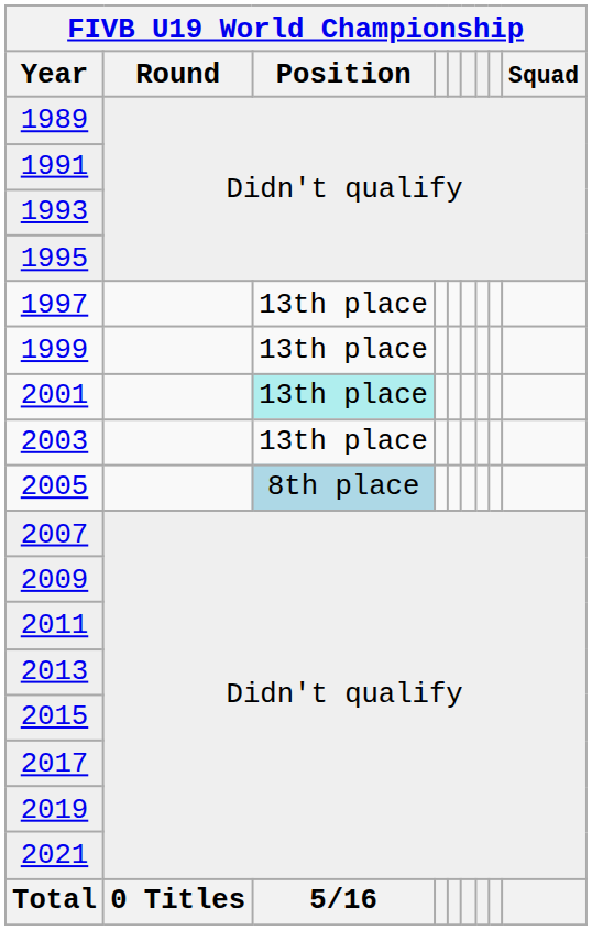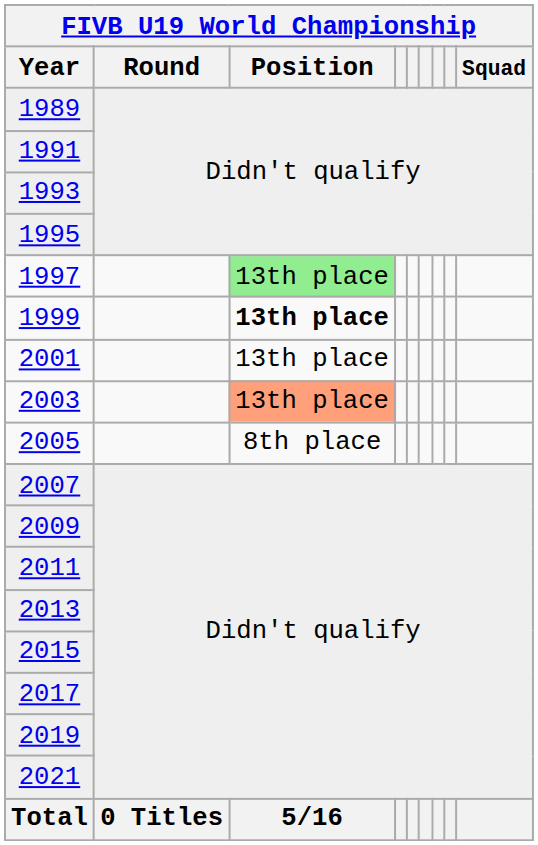 <table class="wikitable" style="text-align: center;">
 <tr>
 <th colspan=9><a href='#'>FIVB U19 World Championship</a></th>
 </tr>
 <tr>
 <th>Year</th>
 <th>Round</th>
 <th>Position</th>
 <th></th>
 <th></th>
 <th></th>
 <th></th>
 <th></th>
 <th><small>Squad</small></th>
 </tr>
 <tr bgcolor="efefef">
 <td> <a href='#'>1989</a></td>
 <td colspan=9 rowspan=4>Didn't qualify</td>
 </tr>
 <tr bgcolor="efefef">
 <td> <a href='#'>1991</a></td>
 </tr>
 <tr bgcolor="efefef">
 <td> <a href='#'>1993</a></td>
 </tr>
 <tr bgcolor="efefef">
 <td> <a href='#'>1995</a></td>
 </tr>
 <tr>
 <td> <a href='#'>1997</a></td>
 <td></td>
-<td>13th place</td>
+<td style="background: lightgreen;">13th place</td>
 <td></td>
 <td></td>
 <td></td>
 <td></td>
 <td></td>
 <td></td>
 </tr>
 <tr>
 <td> <a href='#'>1999</a></td>
 <td></td>
-<td>13th place</td>
+<td><strong>13th place</strong></td>
 <td></td>
 <td></td>
 <td></td>
 <td></td>
 <td></td>
 <td></td>
 </tr>
 <tr>
 <td> <a href='#'>2001</a></td>
 <td></td>
-<td style="background: paleturquoise;">13th place</td>
+<td>13th place</td>
 <td></td>
 <td></td>
 <td></td>
 <td></td>
 <td></td>
 <td></td>
 </tr>
 <tr>
 <td> <a href='#'>2003</a></td>
 <td></td>
-<td>13th place</td>
+<td style="background: lightsalmon;">13th place</td>
 <td></td>
 <td></td>
 <td></td>
 <td></td>
 <td></td>
 <td></td>
 </tr>
 <tr>
 <td> <a href='#'>2005</a></td>
 <td></td>
-<td style="background: lightblue;">8th place</td>
+<td>8th place</td>
 <td></td>
 <td></td>
 <td></td>
 <td></td>
 <td></td>
 <td></td>
 </tr>
 <tr bgcolor="efefef">
 <td> <a href='#'>2007</a></td>
 <td colspan=9 rowspan=8>Didn't qualify</td>
 </tr>
 <tr bgcolor="efefef">
 <td> <a href='#'>2009</a></td>
 </tr>
 <tr bgcolor="efefef">
 <td> <a href='#'>2011</a></td>
 </tr>
 <tr bgcolor="efefef">
 <td> <a href='#'>2013</a></td>
 </tr>
 <tr bgcolor="efefef">
 <td> <a href='#'>2015</a></td>
 </tr>
 <tr bgcolor="efefef">
 <td> <a href='#'>2017</a></td>
 </tr>
 <tr bgcolor="efefef">
 <td> <a href='#'>2019</a></td>
 </tr>
 <tr bgcolor="efefef">
 <td> <a href='#'>2021</a></td>
 </tr>
 <tr>
 <th>Total</th>
 <th>0 Titles</th>
 <th>5/16</th>
 <th></th>
 <th></th>
 <th></th>
 <th></th>
 <th></th>
 <th></th>
 </tr>
 </table>
